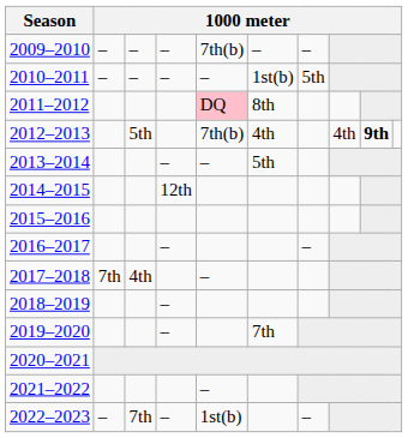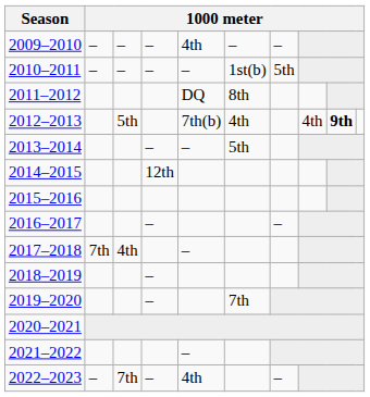 <table class="wikitable" style="display: inline-table;">
 <tr>
 <th>Season</th>
 <th colspan="9">1000 meter</th>
 </tr>
 <tr>
 <td><a href='#'>2009–2010</a></td>
 <td>–</td>
 <td>–</td>
 <td>–</td>
-<td>7th(b)</td>
+<td>4th</td>
 <td>–</td>
 <td>–</td>
 <td colspan="13" bgcolor=#EEEEEE></td>
 </tr>
 <tr>
 <td><a href='#'>2010–2011</a></td>
 <td>–</td>
 <td>–</td>
 <td>–</td>
 <td>–</td>
 <td>1st(b)</td>
 <td>5th</td>
 <td colspan="12" bgcolor=#EEEEEE></td>
 </tr>
 <tr>
 <td><a href='#'>2011–2012</a></td>
 <td></td>
 <td></td>
 <td></td>
-<td style="background: pink;">DQ</td>
+<td>DQ</td>
 <td>8th</td>
 <td></td>
 <td></td>
 <td colspan="2" bgcolor=#EEEEEE></td>
 </tr>
 <tr>
 <td><a href='#'>2012–2013</a></td>
 <td></td>
 <td>5th</td>
 <td></td>
 <td>7th(b)</td>
 <td>4th</td>
 <td></td>
 <td>4th</td>
 <td><strong>9th</strong></td>
 <td></td>
 </tr>
 <tr>
 <td><a href='#'>2013–2014</a></td>
 <td></td>
 <td></td>
 <td>–</td>
 <td>–</td>
 <td>5th</td>
 <td></td>
 <td colspan="3" bgcolor=#EEEEEE></td>
 </tr>
 <tr>
 <td><a href='#'>2014–2015</a></td>
 <td></td>
 <td></td>
 <td>12th</td>
 <td></td>
 <td></td>
 <td></td>
 <td></td>
 <td colspan="6" bgcolor=#EEEEEE></td>
 </tr>
 <tr>
 <td><a href='#'>2015–2016</a></td>
 <td></td>
 <td></td>
 <td></td>
 <td></td>
 <td></td>
 <td></td>
 <td></td>
 <td colspan="2" bgcolor=#EEEEEE></td>
 </tr>
 <tr>
 <td><a href='#'>2016–2017</a></td>
 <td></td>
 <td></td>
 <td>–</td>
 <td></td>
 <td></td>
 <td>–</td>
 <td colspan="6" bgcolor=#EEEEEE></td>
 </tr>
 <tr>
 <td><a href='#'>2017–2018</a></td>
 <td>7th</td>
 <td>4th</td>
 <td></td>
 <td>–</td>
 <td></td>
 <td></td>
 <td colspan="6" bgcolor=#EEEEEE></td>
 </tr>
 <tr>
 <td><a href='#'>2018–2019</a></td>
 <td></td>
 <td></td>
 <td>–</td>
 <td></td>
 <td></td>
 <td></td>
 <td colspan="6" bgcolor=#EEEEEE></td>
 </tr>
 <tr>
 <td><a href='#'>2019–2020</a></td>
 <td></td>
 <td></td>
 <td>–</td>
 <td></td>
 <td>7th</td>
 <td colspan="7" bgcolor=#EEEEEE></td>
 </tr>
 <tr>
 <td><a href='#'>2020–2021</a></td>
 <td colspan="12" bgcolor=#EEEEEE></td>
 </tr>
 <tr>
 <td><a href='#'>2021–2022</a></td>
 <td></td>
 <td></td>
 <td></td>
 <td>–</td>
 <td></td>
 <td colspan="8" bgcolor=#EEEEEE></td>
 </tr>
 <tr>
 <td><a href='#'>2022–2023</a></td>
 <td>–</td>
 <td>7th</td>
 <td>–</td>
-<td>1st(b)</td>
+<td>4th</td>
 <td></td>
 <td>–</td>
 <td colspan="6" bgcolor=#EEEEEE></td>
 </tr>
 </table>
